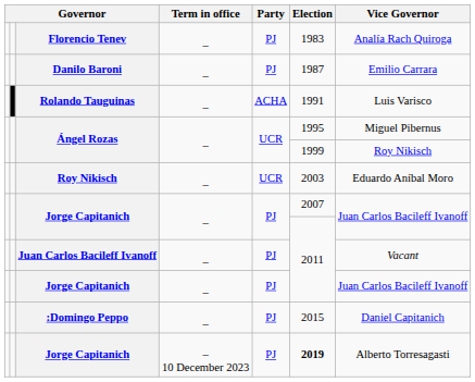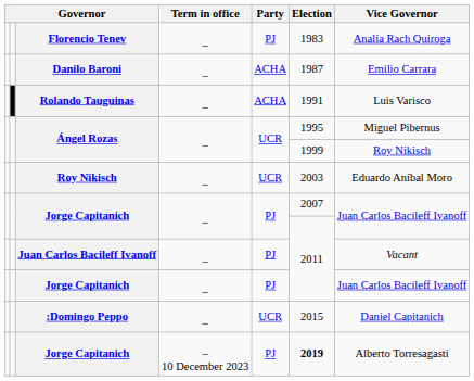 <table class="wikitable sortable" style="text-align: center;">
 <tr>
 <th scope="col" colspan="3">Governor</th>
 <th scope="col">Term in office</th>
 <th scope="col">Party</th>
 <th scope="col">Election</th>
 <th scope="col">Vice Governor</th>
 </tr>
 <tr style="height:2em;">
 <td data-sort-value="Tenev, Florencio"></td>
 <td style="background:"></td>
 <th scope="row"><a href='#'>Florencio Tenev</a></th>
 <td><br>–<br></td>
 <td><a href='#'>PJ</a></td>
 <td>1983</td>
 <td data-sort-value="Rach Quiroga, Analía"><a href='#'>Analía Rach Quiroga</a></td>
 </tr>
 <tr style="height:2em;">
 <td data-sort-value="Baroni, Danilo"></td>
 <td style="background:"></td>
 <th scope="row"><a href='#'>Danilo Baroni</a></th>
 <td><br>–<br></td>
-<td><a href='#'>PJ</a></td>
+<td><a href='#'>ACHA</a></td>
 <td>1987</td>
 <td data-sort-value="Carrara, Emilio"><a href='#'>Emilio Carrara</a></td>
 </tr>
 <tr style="height:2em;">
 <td data-sort-value="Tauguinas, Rolando"></td>
 <td style="background:#000000;"></td>
 <th scope="row"><a href='#'>Rolando Tauguinas</a></th>
 <td><br>–<br></td>
 <td><a href='#'>ACHA</a></td>
 <td>1991</td>
 <td data-sort-value="Varisco, Luis">Luis Varisco</td>
 </tr>
 <tr style="height:2em;">
 <td rowspan="2" data-sort-value="Rozas, Ángel"></td>
 <td rowspan="2" style="background:"></td>
 <th rowspan="2" scope="row"><a href='#'>Ángel Rozas</a></th>
 <td rowspan="2"><br>–<br></td>
 <td rowspan="2"><a href='#'>UCR</a></td>
 <td>1995</td>
 <td data-sort-value="Pibernus, Miguel">Miguel Pibernus</td>
 </tr>
 <tr style="height:2em;">
 <td>1999</td>
 <td data-sort-value="Nikisch, Roy"><a href='#'>Roy Nikisch</a></td>
 </tr>
 <tr style="height:2em;">
 <td data-sort-value="Nikisch, Roy"></td>
 <td style="background:"></td>
 <th scope="row"><a href='#'>Roy Nikisch</a></th>
 <td><br>–<br></td>
 <td><a href='#'>UCR</a></td>
 <td>2003</td>
 <td data-sort-value="Moro, Eduardo Aníbal">Eduardo Aníbal Moro</td>
 </tr>
 <tr style="height:2em;">
 <td rowspan="2" data-sort-value="Capitanich, Jorge"></td>
 <td rowspan="2" style="background:"></td>
 <th rowspan="2" scope="row"><a href='#'>Jorge Capitanich</a></th>
 <td rowspan="2"><br>–<br></td>
 <td rowspan="2"><a href='#'>PJ</a></td>
 <td>2007</td>
 <td rowspan="2" data-sort-value="Bacileff Ivanoff, Juan Carlos"><a href='#'>Juan Carlos Bacileff Ivanoff</a></td>
 </tr>
 <tr style="height:2em;">
 <td rowspan="3">2011</td>
 </tr>
 <tr style="height:2em;">
 <td data-sort-value="Bacileff Ivanoff, Juan Carlos"></td>
 <td style="background:"></td>
 <th scope="row"><a href='#'>Juan Carlos Bacileff Ivanoff</a></th>
 <td><br>–<br></td>
 <td><a href='#'>PJ</a></td>
 <td><em>Vacant</em></td>
 </tr>
 <tr style="height:2em;">
 <td data-sort-value="Capitanich, Jorge"></td>
 <td style="background:"></td>
 <th scope="row"><a href='#'>Jorge Capitanich</a></th>
 <td><br>–<br></td>
 <td><a href='#'>PJ</a></td>
 <td data-sort-value="Bacileff Ivanoff, Juan Carlos"><a href='#'>Juan Carlos Bacileff Ivanoff</a></td>
 </tr>
 <tr style="height:2em;">
 <td data-sort-value="Peppo, Domingo"></td>
 <td style="background:"></td>
 <th scope="row"><a href='#'>:Domingo Peppo</a></th>
 <td><br>–<br></td>
-<td><a href='#'>PJ</a></td>
+<td><a href='#'>UCR</a></td>
 <td>2015</td>
 <td data-sort-value="Capitanich, Daniel"><a href='#'>Daniel Capitanich</a></td>
 </tr>
 <tr style="height:2em;">
 <td data-sort-value="Capitanich, Jorge"></td>
 <td style="background:"></td>
 <th scope="row"><a href='#'>Jorge Capitanich</a></th>
 <td><br>–<br>10 December 2023</td>
 <td><a href='#'>PJ</a></td>
 <td><strong>2019</strong></td>
 <td data-sort-value="Torresagasti, Alberto">Alberto Torresagasti</td>
 </tr>
 </table>
